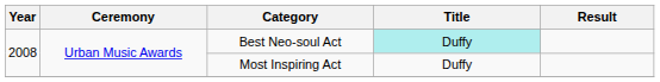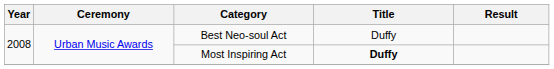 <table class="wikitable" style="text-align:center; font-size:90%; line-height:20px;">
 <tr>
 <th>Year</th>
 <th width="180px">Ceremony</th>
 <th width="180px">Category</th>
 <th width="180px">Title</th>
 <th width="120px">Result</th>
 </tr>
 <tr>
 <td rowspan="2">2008</td>
 <td rowspan="2"><a href='#'>Urban Music Awards</a></td>
 <td>Best Neo-soul Act</td>
-<td style="background: paleturquoise;">Duffy</td>
+<td>Duffy</td>
 <td></td>
 </tr>
 <tr>
 <td>Most Inspiring Act</td>
-<td>Duffy</td>
+<td><strong>Duffy</strong></td>
 <td></td>
 </tr>
 <tr>
 </tr>
 </table>
